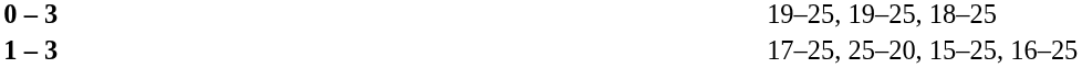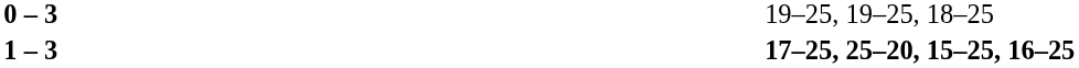 <table width=100% cellspacing=1>
 <tr>
 <th width=20%></th>
 <th width=12%></th>
 <th width=20%></th>
 <th width=33%></th>
 <td></td>
 </tr>
 <tr style=font-size:95%>
 <td align=right></td>
 <td align=center><strong>0 – 3</strong></td>
 <td><strong></strong></td>
 <td>19–25, 19–25, 18–25</td>
 <td></td>
 </tr>
 <tr style=font-size:95%>
 <td align=right></td>
 <td align=center><strong>1 – 3</strong></td>
 <td><strong></strong></td>
-<td>17–25, 25–20, 15–25, 16–25</td>
+<td><strong>17–25, 25–20, 15–25, 16–25</strong></td>
 </tr>
 </table>
